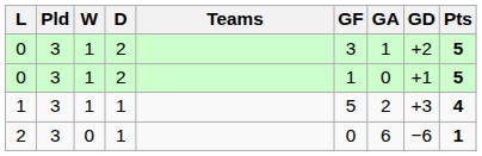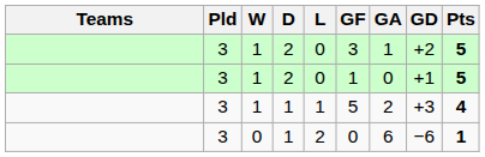 <table class="wikitable" style="text-align: center;">
 <tr>
-<th width=20>L</th>
+<th width=165>Teams</th>
 <th width=20>Pld</th>
 <th width=20>W</th>
 <th width=20>D</th>
-<th width=165>Teams</th>
+<th width=20>L</th>
 <th width=20>GF</th>
 <th width=20>GA</th>
 <th width=20>GD</th>
 <th width=20>Pts</th>
 </tr>
 <tr align=center style="background:#ccffcc;">
-<td>0</td>
+<td style="text-align:left;"></td>
 <td>3</td>
 <td>1</td>
 <td>2</td>
-<td style="text-align:left;"></td>
+<td>0</td>
 <td>3</td>
 <td>1</td>
 <td>+2</td>
 <td><strong>5</strong></td>
 </tr>
 <tr align=center style="background:#ccffcc;">
-<td>0</td>
+<td style="text-align:left;"></td>
 <td>3</td>
 <td>1</td>
 <td>2</td>
-<td style="text-align:left;"></td>
+<td>0</td>
 <td>1</td>
 <td>0</td>
 <td>+1</td>
 <td><strong>5</strong></td>
 </tr>
 <tr align=center>
-<td>1</td>
+<td style="text-align:left;"></td>
 <td>3</td>
 <td>1</td>
 <td>1</td>
-<td style="text-align:left;"></td>
+<td>1</td>
 <td>5</td>
 <td>2</td>
 <td>+3</td>
 <td><strong>4</strong></td>
 </tr>
 <tr align=center>
-<td>2</td>
+<td style="text-align:left;"></td>
 <td>3</td>
 <td>0</td>
 <td>1</td>
-<td style="text-align:left;"></td>
+<td>2</td>
 <td>0</td>
 <td>6</td>
 <td>−6</td>
 <td><strong>1</strong></td>
 </tr>
 </table>
